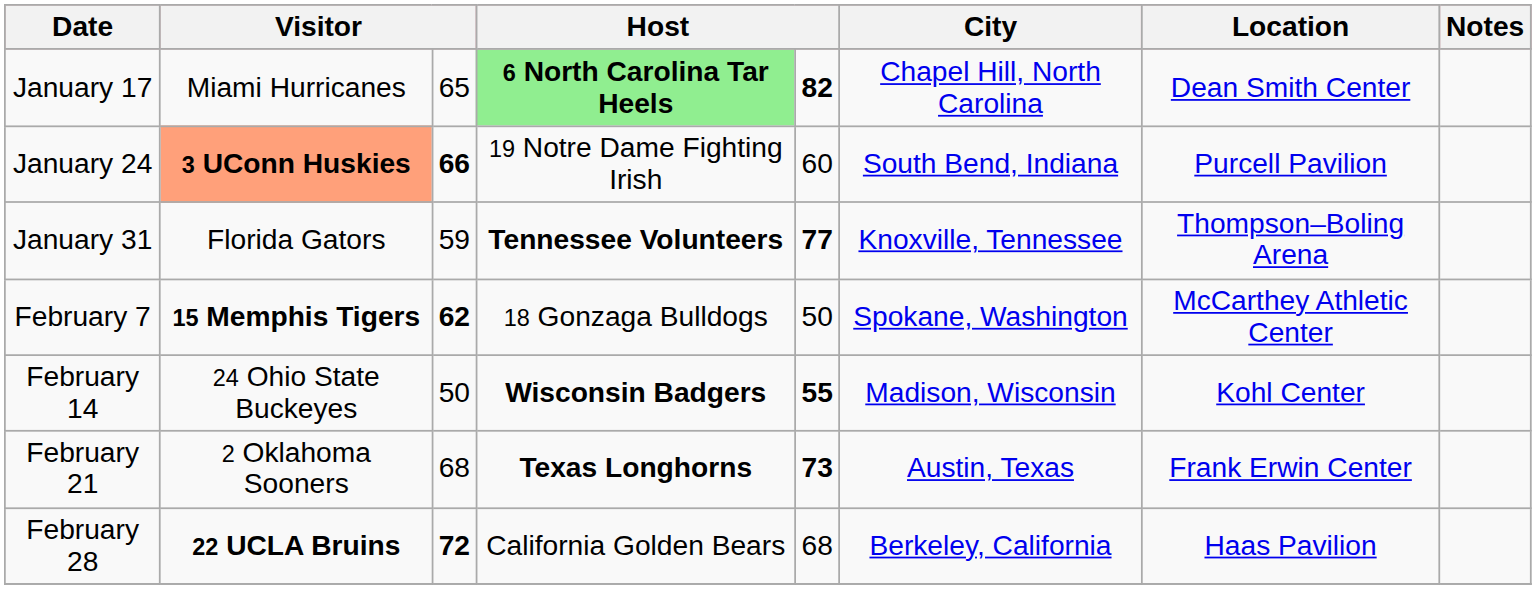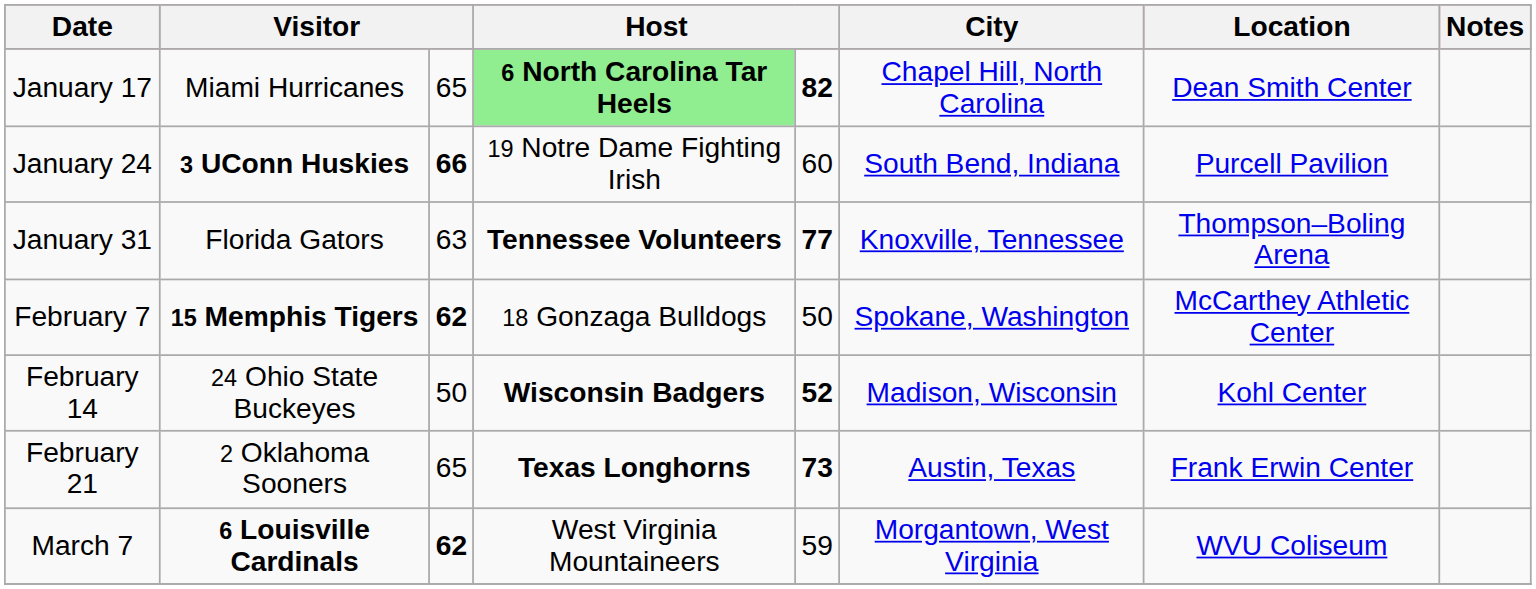 <table class="wikitable" style="text-align:center">
 <tr style="background:#A32638;"|>
 <th>Date</th>
 <th colspan=2>Visitor</th>
 <th colspan=2>Host</th>
 <th>City</th>
 <th>Location</th>
 <th>Notes</th>
 </tr>
 <tr>
 <td>January 17</td>
 <td>Miami Hurricanes</td>
 <td>65</td>
 <td style="background: lightgreen;"><strong><small>6</small> North Carolina Tar Heels</strong></td>
 <td><strong>82</strong></td>
 <td><a href='#'>Chapel Hill, North Carolina</a></td>
 <td><a href='#'>Dean Smith Center</a></td>
 <td></td>
 </tr>
 <tr>
 <td>January 24</td>
-<td style="background: lightsalmon;"><strong><small>3</small> UConn Huskies</strong></td>
+<td><strong><small>3</small> UConn Huskies</strong></td>
 <td><strong>66</strong></td>
 <td><small>19</small> Notre Dame Fighting Irish</td>
 <td>60</td>
 <td><a href='#'>South Bend, Indiana</a></td>
 <td><a href='#'>Purcell Pavilion</a></td>
 <td></td>
 </tr>
 <tr>
 <td>January 31</td>
 <td>Florida Gators</td>
-<td>59</td>
+<td>63</td>
 <td><strong>Tennessee Volunteers</strong></td>
 <td><strong>77</strong></td>
 <td><a href='#'>Knoxville, Tennessee</a></td>
 <td><a href='#'>Thompson–Boling Arena</a></td>
 <td></td>
 </tr>
 <tr>
 <td>February 7</td>
 <td><strong><small>15</small> Memphis Tigers</strong></td>
 <td><strong>62</strong></td>
 <td><small>18</small> Gonzaga Bulldogs</td>
 <td>50</td>
 <td><a href='#'>Spokane, Washington</a></td>
 <td><a href='#'>McCarthey Athletic Center</a></td>
 <td></td>
 </tr>
 <tr>
 <td>February 14</td>
 <td><small>24</small> Ohio State Buckeyes</td>
 <td>50</td>
 <td><strong>Wisconsin Badgers</strong></td>
-<td><strong>55</strong></td>
+<td><strong>52</strong></td>
 <td><a href='#'>Madison, Wisconsin</a></td>
 <td><a href='#'>Kohl Center</a></td>
 <td></td>
 </tr>
 <tr>
 <td>February 21</td>
 <td><small>2</small> Oklahoma Sooners</td>
-<td>68</td>
+<td>65</td>
 <td><strong>Texas Longhorns</strong></td>
 <td><strong>73</strong></td>
 <td><a href='#'>Austin, Texas</a></td>
 <td><a href='#'>Frank Erwin Center</a></td>
 <td></td>
 </tr>
 <tr>
-<td>February 28</td>
-<td><strong><small>22</small> UCLA Bruins</strong></td>
-<td><strong>72</strong></td>
-<td>California Golden Bears</td>
-<td>68</td>
-<td><a href='#'>Berkeley, California</a></td>
-<td><a href='#'>Haas Pavilion</a></td>
+<td>March 7</td>
+<td><strong><small>6</small> Louisville Cardinals</strong></td>
+<td><strong>62</strong></td>
+<td>West Virginia Mountaineers</td>
+<td>59</td>
+<td><a href='#'>Morgantown, West Virginia</a></td>
+<td><a href='#'>WVU Coliseum</a></td>
 <td></td>
 </tr>
 <tr>
 </tr>
 </table>
